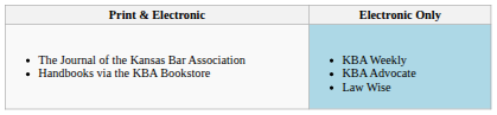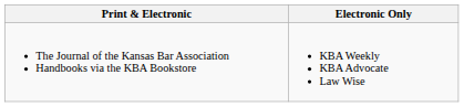 <table class="wikitable">
 <tr>
 <th>Print & Electronic</th>
 <th>Electronic Only</th>
 </tr>
 <tr valign="top">
 <td width="50%"><br><ul><li>The Journal of the Kansas Bar Association</li><li>Handbooks via the KBA Bookstore</li></ul></td>
-<td width="30%" style="background: lightblue;"><br><ul><li>KBA Weekly</li><li>KBA Advocate</li><li>Law Wise</li></ul></td>
+<td width="30%"><br><ul><li>KBA Weekly</li><li>KBA Advocate</li><li>Law Wise</li></ul></td>
 </tr>
 </table>
